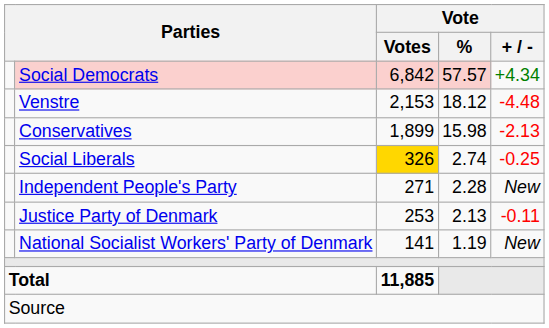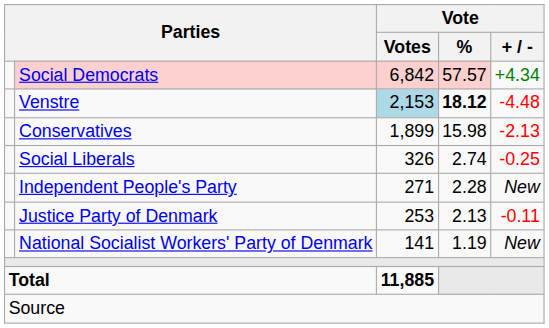 <table class="wikitable" style="text-align:right;">
 <tr>
 <th style="text-align:centre;" rowspan="2" colspan="2" width="225">Parties</th>
 <th colspan="3">Vote</th>
 </tr>
 <tr>
 <th width="15">Votes</th>
 <th width="15">%</th>
 <th width="15">+ / -</th>
 </tr>
 <tr>
 <td width="2" style="color:inherit;background:"></td>
 <td bgcolor=#fbd0ce  align="left"><a href='#'>Social Democrats</a></td>
 <td bgcolor=#fbd0ce>6,842</td>
 <td bgcolor=#fbd0ce>57.57</td>
 <td style=color:green;>+4.34</td>
 </tr>
 <tr>
 <td width="2" style="color:inherit;background:"></td>
 <td align="left"><a href='#'>Venstre</a></td>
-<td>2,153</td>
-<td>18.12</td>
+<td style="background: lightblue;">2,153</td>
+<td><strong>18.12</strong></td>
 <td style=color:red;>-4.48</td>
 </tr>
 <tr>
 <td width="2" style="color:inherit;background:"></td>
 <td align="left"><a href='#'>Conservatives</a></td>
 <td>1,899</td>
 <td>15.98</td>
 <td style=color:red;>-2.13</td>
 </tr>
 <tr>
 <td width="2" style="color:inherit;background:"></td>
 <td align="left"><a href='#'>Social Liberals</a></td>
-<td style="background: gold;">326</td>
+<td>326</td>
 <td>2.74</td>
 <td style=color:red;>-0.25</td>
 </tr>
 <tr>
 <td width="2" style="color:inherit;background:"></td>
 <td align="left"><a href='#'>Independent People's Party</a></td>
 <td>271</td>
 <td>2.28</td>
 <td><em>New</em></td>
 </tr>
 <tr>
 <td width="2" style="color:inherit;background:"></td>
 <td align="left"><a href='#'>Justice Party of Denmark</a></td>
 <td>253</td>
 <td>2.13</td>
 <td style=color:red;>-0.11</td>
 </tr>
 <tr>
 <td width="2" style="color:inherit;background:"></td>
 <td align="left"><a href='#'>National Socialist Workers' Party of Denmark</a></td>
 <td>141</td>
 <td>1.19</td>
 <td><em>New</em></td>
 </tr>
 <tr>
 <td colspan="7" bgcolor="#E9E9E9"></td>
 </tr>
 <tr>
 <td align="left" colspan="2"><strong>Total</strong></td>
 <td><strong>11,885</strong></td>
 <td bgcolor="#E9E9E9" colspan="2"></td>
 </tr>
 <tr>
 <td align="left" colspan="6">Source</td>
 </tr>
 </table>
